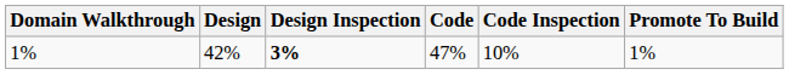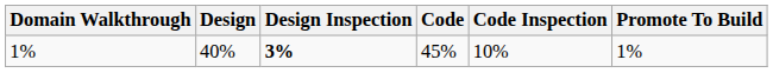 <table class="wikitable">
 <tr>
 <th>Domain Walkthrough</th>
 <th>Design</th>
 <th>Design Inspection</th>
 <th>Code</th>
 <th>Code Inspection</th>
 <th>Promote To Build</th>
 </tr>
 <tr>
 <td>1%</td>
-<td>42%</td>
+<td>40%</td>
 <td><strong>3%</strong></td>
-<td>47%</td>
+<td>45%</td>
 <td>10%</td>
 <td>1%</td>
 </tr>
 </table>
